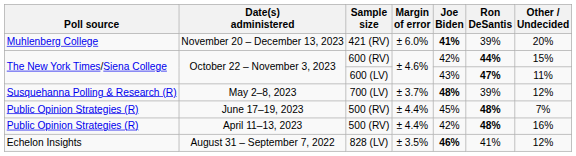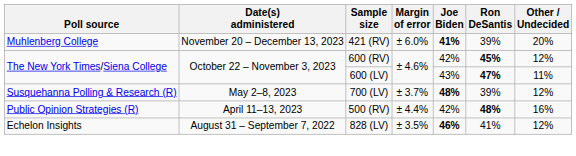 <table class="wikitable sortable mw-datatable" style="font-size:90%;text-align:center;line-height:17px">
 <tr valign=bottom>
 <th>Poll source</th>
 <th>Date(s)<br>administered</th>
 <th>Sample<br>size</th>
 <th>Margin<br>of error</th>
 <th class="unsortable">Joe<br>Biden<br></th>
 <th class="unsortable">Ron<br>DeSantis<br></th>
 <th class="unsortable">Other /<br>Undecided</th>
 </tr>
 <tr>
 <td style="text-align:left;"><a href='#'>Muhlenberg College</a></td>
 <td data-sort-value="2023-12-19">November 20 – December 13, 2023</td>
 <td>421 (RV)</td>
 <td>± 6.0%</td>
 <td style="color:black;background-color:"><strong>41%</strong></td>
 <td>39%</td>
 <td>20%</td>
 </tr>
 <tr>
 <td style="text-align:left;" rowspan="2"><a href='#'>The New York Times</a>/<a href='#'>Siena College</a></td>
 <td rowspan="2">October 22 – November 3, 2023</td>
 <td>600 (RV)</td>
 <td rowspan="2">± 4.6%</td>
 <td>42%</td>
-<td style="background-color:"><strong>44%</strong></td>
-<td>15%</td>
+<td style="background-color:"><strong>45%</strong></td>
+<td>12%</td>
 </tr>
 <tr>
 <td>600 (LV)</td>
 <td>43%</td>
 <td style="background-color:"><strong>47%</strong></td>
 <td>11%</td>
 </tr>
 <tr>
 <td style="text-align:left;"><a href='#'>Susquehanna Polling & Research (R)</a></td>
 <td data-sort-value="2023-05-08">May 2–8, 2023</td>
 <td>700 (LV)</td>
 <td>± 3.7%</td>
 <td style="color:black;background-color:"><strong>48%</strong></td>
 <td>39%</td>
 <td>12%</td>
-</tr>
-<tr>
-<td style="text-align:left;"><a href='#'>Public Opinion Strategies (R)</a></td>
-<td data-sort-value="2023-06-19">June 17–19, 2023</td>
-<td>500 (RV)</td>
-<td>± 4.4%</td>
-<td>45%</td>
-<td style="background-color:"><strong>48%</strong></td>
-<td>7%</td>
 </tr>
 <tr>
 <td style="text-align:left;"><a href='#'>Public Opinion Strategies (R)</a></td>
 <td data-sort-value="2023-04-13">April 11–13, 2023</td>
 <td>500 (RV)</td>
 <td>± 4.4%</td>
 <td>42%</td>
 <td style="background-color:"><strong>48%</strong></td>
 <td>16%</td>
 </tr>
 <tr>
 <td style="text-align:left;">Echelon Insights</td>
 <td data-sort-value="2022-09-07">August 31 – September 7, 2022</td>
 <td>828 (LV)</td>
 <td>± 3.5%</td>
 <td style="color:black;background-color:"><strong>46%</strong></td>
 <td>41%</td>
 <td>12%</td>
 </tr>
 </table>
